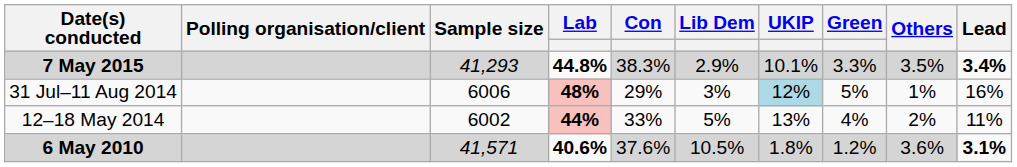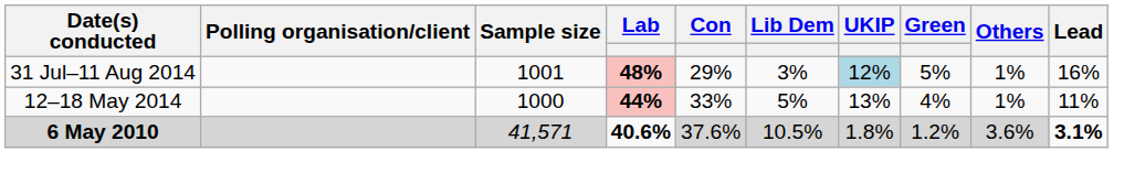 <table class="wikitable sortable" style="text-align:center;font-size:90%;line-height:14px">
 <tr>
 <th rowspan="2">Date(s)<br>conducted</th>
 <th rowspan="2">Polling organisation/client</th>
 <th rowspan="2">Sample size</th>
 <th><a href='#'>Lab</a></th>
 <th><a href='#'>Con</a></th>
 <th><a href='#'>Lib Dem</a></th>
 <th><a href='#'>UKIP</a></th>
 <th><a href='#'>Green</a></th>
 <th rowspan="2" class="unsortable"><a href='#'>Others</a></th>
 <th rowspan="2" class="unsortable">Lead</th>
 </tr>
 <tr>
 <th class="unsortable" style="background:"></th>
 <th class="unsortable" style="background:"></th>
 <th class="unsortable" style="background:"></th>
 <th class="unsortable" style="background:"></th>
 <th class="unsortable" style="background:"></th>
 </tr>
 <tr>
-<td style="background:#D5D5D5"><strong>7 May 2015</strong></td>
-<td style="background:#D5D5D5"></td>
-<td style="background:#D5D5D5"><em>41,293</em></td>
-<td style="background:"><strong>44.8%</strong></td>
-<td style="background:#D5D5D5">38.3%</td>
-<td style="background:#D5D5D5">2.9%</td>
-<td style="background:#D5D5D5">10.1%</td>
-<td style="background:#D5D5D5">3.3%</td>
-<td style="background:#D5D5D5">3.5%</td>
-<td style="background:"><strong>3.4% </strong></td>
-</tr>
-<tr>
 <td>31 Jul–11 Aug 2014</td>
 <td></td>
-<td>6006</td>
+<td>1001</td>
 <td style="background:#F8C1BE"><strong>48%</strong></td>
 <td>29%</td>
 <td>3%</td>
 <td style="background: lightblue;">12%</td>
 <td>5%</td>
 <td>1%</td>
 <td style="background:">16%</td>
 </tr>
 <tr>
 <td>12–18 May 2014</td>
 <td></td>
-<td>6002</td>
+<td>1000</td>
 <td style="background:#F8C1BE"><strong>44%</strong></td>
 <td>33%</td>
 <td>5%</td>
 <td>13%</td>
 <td>4%</td>
-<td>2%</td>
+<td>1%</td>
 <td style="background:">11%</td>
 </tr>
 <tr>
 <td style="background:#D5D5D5"><strong>6 May 2010</strong></td>
 <td style="background:#D5D5D5"></td>
 <td style="background:#D5D5D5"><em>41,571</em></td>
 <td style="background:"><strong>40.6%</strong></td>
 <td style="background:#D5D5D5">37.6%</td>
 <td style="background:#D5D5D5">10.5%</td>
 <td style="background:#D5D5D5">1.8%</td>
 <td style="background:#D5D5D5">1.2%</td>
 <td style="background:#D5D5D5">3.6%</td>
 <td style="background:"><strong>3.1% </strong></td>
 </tr>
 </table>
